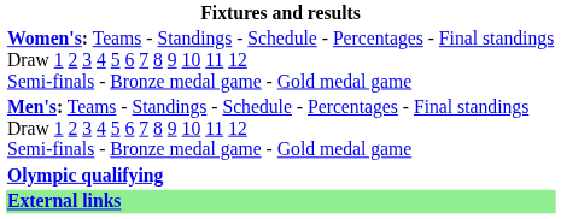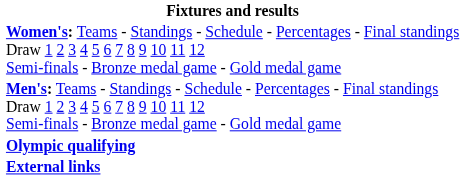 <table id=toc>
 <tr>
 <th>Fixtures and results</th>
 </tr>
 <tr>
 <td><strong><a href='#'>Women's</a>:</strong> <a href='#'>Teams</a> - <a href='#'>Standings</a> - <a href='#'>Schedule</a> - <a href='#'>Percentages</a> - <a href='#'>Final standings</a> <br>Draw <a href='#'>1</a> <a href='#'>2</a> <a href='#'>3</a> <a href='#'>4</a> <a href='#'>5</a> <a href='#'>6</a> <a href='#'>7</a> <a href='#'>8</a> <a href='#'>9</a> <a href='#'>10</a> <a href='#'>11</a> <a href='#'>12</a><br> <a href='#'>Semi-finals</a> - <a href='#'>Bronze medal game</a> - <a href='#'>Gold medal game</a></td>
 </tr>
 <tr>
 <td><strong><a href='#'>Men's</a>:</strong> <a href='#'>Teams</a> - <a href='#'>Standings</a> - <a href='#'>Schedule</a> - <a href='#'>Percentages</a> - <a href='#'>Final standings</a> <br>Draw <a href='#'>1</a> <a href='#'>2</a> <a href='#'>3</a> <a href='#'>4</a> <a href='#'>5</a> <a href='#'>6</a> <a href='#'>7</a> <a href='#'>8</a> <a href='#'>9</a> <a href='#'>10</a> <a href='#'>11</a> <a href='#'>12</a><br> <a href='#'>Semi-finals</a> - <a href='#'>Bronze medal game</a> - <a href='#'>Gold medal game</a></td>
 </tr>
 <tr>
 <td><strong><a href='#'>Olympic qualifying</a></strong></td>
 </tr>
 <tr>
-<td style="background: lightgreen;"><strong><a href='#'>External links</a></strong></td>
+<td><strong><a href='#'>External links</a></strong></td>
 </tr>
 </table>
